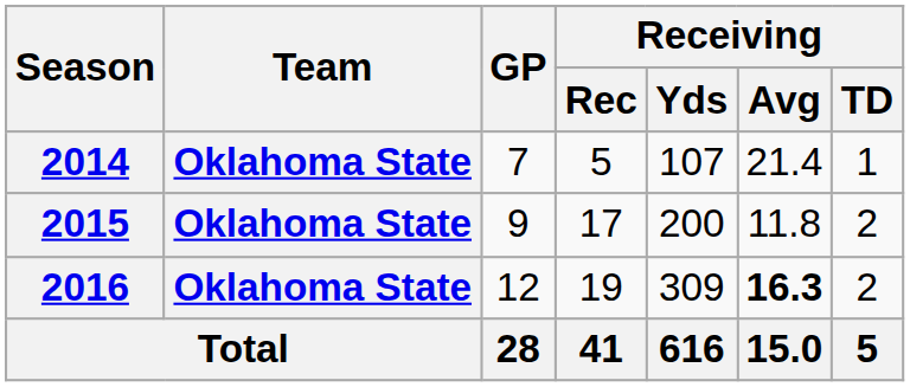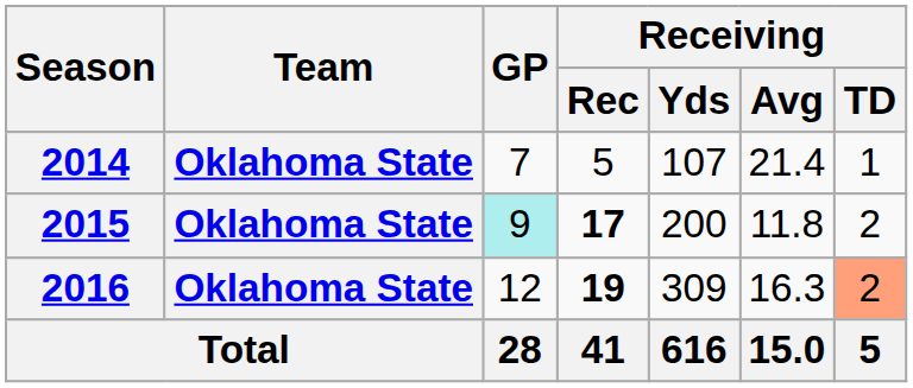 <table class="wikitable" style="text-align:center;">
 <tr>
 <th rowspan="2">Season</th>
 <th rowspan="2">Team</th>
 <th rowspan="2">GP</th>
 <th colspan="4">Receiving</th>
 </tr>
 <tr>
 <th>Rec</th>
 <th>Yds</th>
 <th>Avg</th>
 <th>TD</th>
 </tr>
 <tr>
 <th><a href='#'>2014</a></th>
 <th><a href='#'>Oklahoma State</a></th>
 <td>7</td>
 <td>5</td>
 <td>107</td>
 <td>21.4</td>
 <td>1</td>
 </tr>
 <tr>
 <th><a href='#'>2015</a></th>
 <th><a href='#'>Oklahoma State</a></th>
-<td>9</td>
-<td>17</td>
+<td style="background: paleturquoise;">9</td>
+<td><strong>17</strong></td>
 <td>200</td>
 <td>11.8</td>
 <td>2</td>
 </tr>
 <tr>
 <th><a href='#'>2016</a></th>
 <th><a href='#'>Oklahoma State</a></th>
 <td>12</td>
-<td>19</td>
+<td><strong>19</strong></td>
 <td>309</td>
-<td><strong>16.3</strong></td>
-<td>2</td>
+<td>16.3</td>
+<td style="background: lightsalmon;">2</td>
 </tr>
 <tr>
 <th colspan="2">Total</th>
 <th>28</th>
 <th>41</th>
 <th>616</th>
 <th>15.0</th>
 <th>5</th>
 </tr>
 </table>
